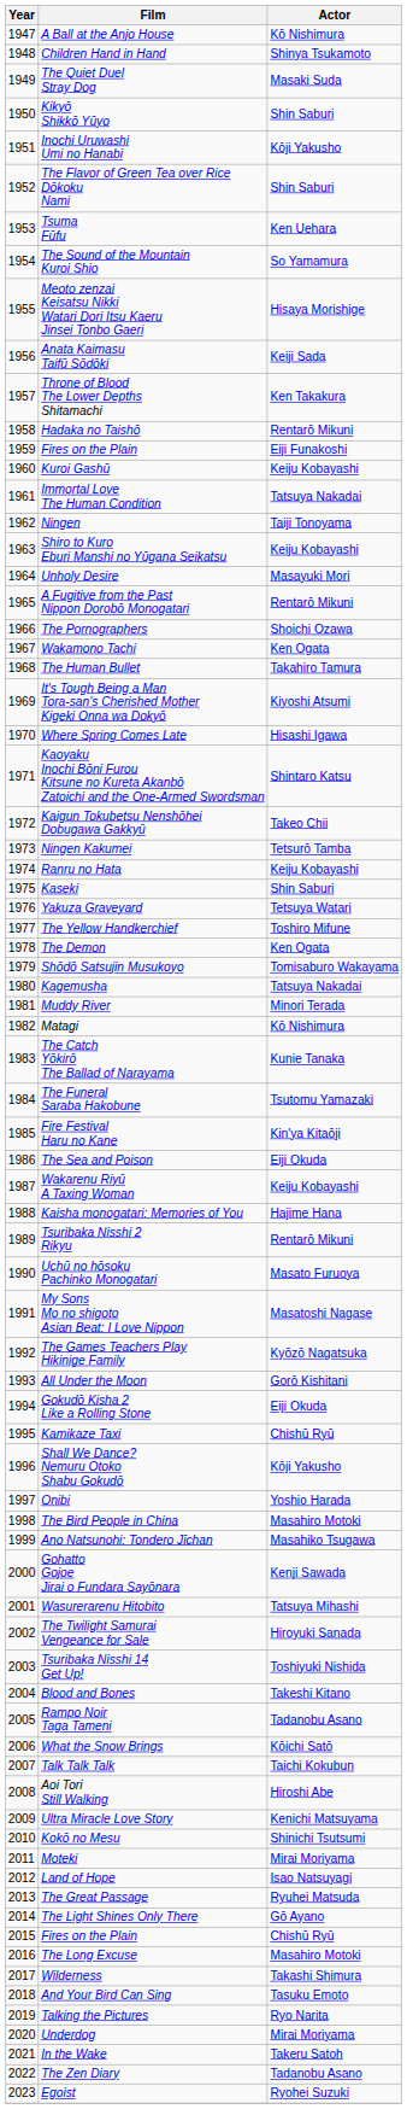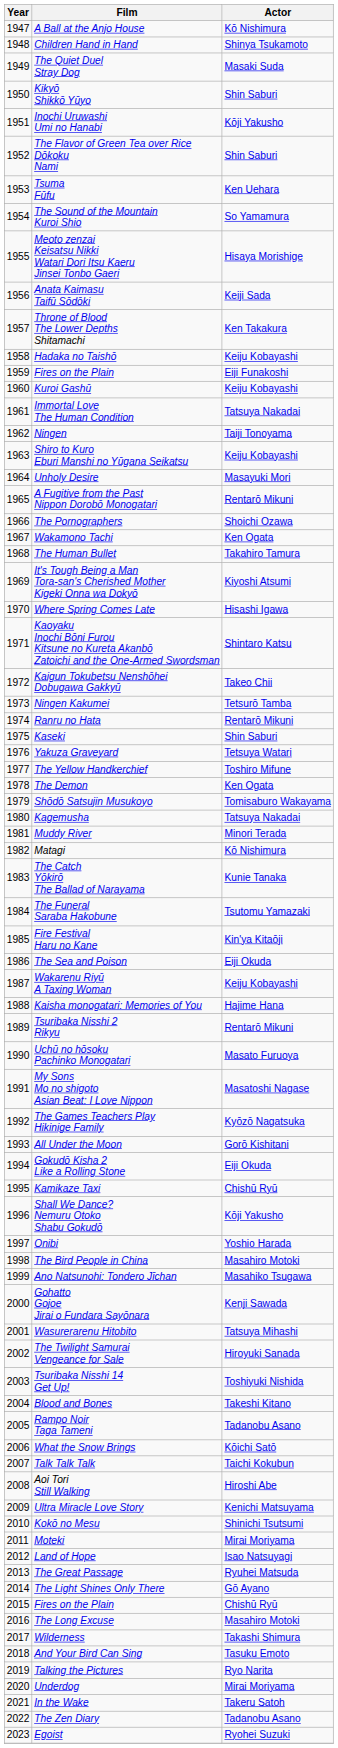 <table class="wikitable sortable">
 <tr>
 <th>Year</th>
 <th>Film</th>
 <th>Actor</th>
 </tr>
 <tr>
 <td>1947</td>
 <td><em><a href='#'>A Ball at the Anjo House</a></em></td>
 <td><a href='#'>Kō Nishimura</a></td>
 </tr>
 <tr>
 <td>1948</td>
 <td><em><a href='#'>Children Hand in Hand</a></em></td>
 <td><a href='#'>Shinya Tsukamoto</a></td>
 </tr>
 <tr>
 <td>1949</td>
 <td><em><a href='#'>The Quiet Duel</a></em><br><em><a href='#'>Stray Dog</a></em></td>
 <td><a href='#'>Masaki Suda</a></td>
 </tr>
 <tr>
 <td>1950</td>
 <td><em><a href='#'>Kikyō</a></em><br><em><a href='#'>Shikkō Yūyo</a></em></td>
 <td><a href='#'>Shin Saburi</a></td>
 </tr>
 <tr>
 <td>1951</td>
 <td><em><a href='#'>Inochi Uruwashi</a></em><br><em><a href='#'>Umi no Hanabi</a></em></td>
 <td><a href='#'>Kōji Yakusho</a></td>
 </tr>
 <tr>
 <td>1952</td>
 <td><em><a href='#'>The Flavor of Green Tea over Rice</a></em><br><em><a href='#'>Dōkoku</a></em><br><em><a href='#'>Nami</a></em></td>
 <td><a href='#'>Shin Saburi</a></td>
 </tr>
 <tr>
 <td>1953</td>
 <td><em><a href='#'>Tsuma</a></em><br><em><a href='#'>Fūfu</a></em></td>
 <td><a href='#'>Ken Uehara</a></td>
 </tr>
 <tr>
 <td>1954</td>
 <td><em><a href='#'>The Sound of the Mountain</a></em><br><em><a href='#'>Kuroi Shio</a></em></td>
 <td><a href='#'>So Yamamura</a></td>
 </tr>
 <tr>
 <td>1955</td>
 <td><em><a href='#'>Meoto zenzai</a></em><br><em><a href='#'>Keisatsu Nikki</a></em><br><em><a href='#'>Watari Dori Itsu Kaeru</a></em><br><em><a href='#'>Jinsei Tonbo Gaeri</a></em></td>
 <td><a href='#'>Hisaya Morishige</a></td>
 </tr>
 <tr>
 <td>1956</td>
 <td><em><a href='#'>Anata Kaimasu</a></em><br><em><a href='#'>Taifū Sōdōki</a></em></td>
 <td><a href='#'>Keiji Sada</a></td>
 </tr>
 <tr>
 <td>1957</td>
 <td><em><a href='#'>Throne of Blood</a></em><br><em><a href='#'>The Lower Depths</a></em><br><em>Shitamachi</em></td>
 <td><a href='#'>Ken Takakura</a></td>
 </tr>
 <tr>
 <td>1958</td>
 <td><em><a href='#'>Hadaka no Taishō</a></em></td>
-<td><a href='#'>Rentarō Mikuni</a></td>
+<td><a href='#'>Keiju Kobayashi</a></td>
 </tr>
 <tr>
 <td>1959</td>
 <td><em><a href='#'>Fires on the Plain</a></em></td>
 <td><a href='#'>Eiji Funakoshi</a></td>
 </tr>
 <tr>
 <td>1960</td>
 <td><em><a href='#'>Kuroi Gashū</a></em></td>
 <td><a href='#'>Keiju Kobayashi</a></td>
 </tr>
 <tr>
 <td>1961</td>
 <td><em><a href='#'>Immortal Love</a></em><br><em><a href='#'>The Human Condition</a></em></td>
 <td><a href='#'>Tatsuya Nakadai</a></td>
 </tr>
 <tr>
 <td>1962</td>
 <td><em><a href='#'>Ningen</a></em></td>
 <td><a href='#'>Taiji Tonoyama</a></td>
 </tr>
 <tr>
 <td>1963</td>
 <td><em><a href='#'>Shiro to Kuro</a></em><br><em><a href='#'>Eburi Manshi no Yūgana Seikatsu</a></em></td>
 <td><a href='#'>Keiju Kobayashi</a></td>
 </tr>
 <tr>
 <td>1964</td>
 <td><em><a href='#'>Unholy Desire</a></em></td>
 <td><a href='#'>Masayuki Mori</a></td>
 </tr>
 <tr>
 <td>1965</td>
 <td><em><a href='#'>A Fugitive from the Past</a></em><br><em><a href='#'>Nippon Dorobō Monogatari</a></em></td>
 <td><a href='#'>Rentarō Mikuni</a></td>
 </tr>
 <tr>
 <td>1966</td>
 <td><em><a href='#'>The Pornographers</a></em></td>
 <td><a href='#'>Shoichi Ozawa</a></td>
 </tr>
 <tr>
 <td>1967</td>
 <td><em><a href='#'>Wakamono Tachi</a></em></td>
 <td><a href='#'>Ken Ogata</a></td>
 </tr>
 <tr>
 <td>1968</td>
 <td><em><a href='#'>The Human Bullet</a></em></td>
 <td><a href='#'>Takahiro Tamura</a></td>
 </tr>
 <tr>
 <td>1969</td>
 <td><em><a href='#'>It's Tough Being a Man</a></em><br><em><a href='#'>Tora-san's Cherished Mother</a></em><br><em><a href='#'>Kigeki Onna wa Dokyō</a></em></td>
 <td><a href='#'>Kiyoshi Atsumi</a></td>
 </tr>
 <tr>
 <td>1970</td>
 <td><em><a href='#'>Where Spring Comes Late</a></em></td>
 <td><a href='#'>Hisashi Igawa</a></td>
 </tr>
 <tr>
 <td>1971</td>
 <td><em><a href='#'>Kaoyaku</a></em><br><em><a href='#'>Inochi Bōni Furou</a></em><br><em><a href='#'>Kitsune no Kureta Akanbō</a></em><br><em><a href='#'>Zatoichi and the One-Armed Swordsman</a></em></td>
 <td><a href='#'>Shintaro Katsu</a></td>
 </tr>
 <tr>
 <td>1972</td>
 <td><em><a href='#'>Kaigun Tokubetsu Nenshōhei</a></em><br><em><a href='#'>Dobugawa Gakkyū</a></em></td>
 <td><a href='#'>Takeo Chii</a></td>
 </tr>
 <tr>
 <td>1973</td>
 <td><em><a href='#'>Ningen Kakumei</a></em></td>
 <td><a href='#'>Tetsurō Tamba</a></td>
 </tr>
 <tr>
 <td>1974</td>
 <td><em><a href='#'>Ranru no Hata</a></em></td>
-<td><a href='#'>Keiju Kobayashi</a></td>
+<td><a href='#'>Rentarō Mikuni</a></td>
 </tr>
 <tr>
 <td>1975</td>
 <td><em><a href='#'>Kaseki</a></em></td>
 <td><a href='#'>Shin Saburi</a></td>
 </tr>
 <tr>
 <td>1976</td>
 <td><em><a href='#'>Yakuza Graveyard</a></em></td>
 <td><a href='#'>Tetsuya Watari</a></td>
 </tr>
 <tr>
 <td>1977</td>
 <td><em><a href='#'>The Yellow Handkerchief</a></em></td>
 <td><a href='#'>Toshiro Mifune</a></td>
 </tr>
 <tr>
 <td>1978</td>
 <td><em><a href='#'>The Demon</a></em></td>
 <td><a href='#'>Ken Ogata</a></td>
 </tr>
 <tr>
 <td>1979</td>
 <td><em><a href='#'>Shōdō Satsujin Musukoyo</a></em></td>
 <td><a href='#'>Tomisaburo Wakayama</a></td>
 </tr>
 <tr>
 <td>1980</td>
 <td><em><a href='#'>Kagemusha</a></em></td>
 <td><a href='#'>Tatsuya Nakadai</a></td>
 </tr>
 <tr>
 <td>1981</td>
 <td><em><a href='#'>Muddy River</a></em></td>
 <td><a href='#'>Minori Terada</a></td>
 </tr>
 <tr>
 <td>1982</td>
 <td><em>Matagi</em></td>
 <td><a href='#'>Kō Nishimura</a></td>
 </tr>
 <tr>
 <td>1983</td>
 <td><em><a href='#'>The Catch</a></em><br><em><a href='#'>Yōkirō</a></em><br><em><a href='#'>The Ballad of Narayama</a></em></td>
 <td><a href='#'>Kunie Tanaka</a></td>
 </tr>
 <tr>
 <td>1984</td>
 <td><em><a href='#'>The Funeral</a></em><br><em><a href='#'>Saraba Hakobune</a></em></td>
 <td><a href='#'>Tsutomu Yamazaki</a></td>
 </tr>
 <tr>
 <td>1985</td>
 <td><em><a href='#'>Fire Festival</a></em><br><em><a href='#'>Haru no Kane</a></em></td>
 <td><a href='#'>Kin'ya Kitaōji</a></td>
 </tr>
 <tr>
 <td>1986</td>
 <td><em><a href='#'>The Sea and Poison</a></em></td>
 <td><a href='#'>Eiji Okuda</a></td>
 </tr>
 <tr>
 <td>1987</td>
 <td><em><a href='#'>Wakarenu Riyū</a></em><br><em><a href='#'>A Taxing Woman</a></em></td>
 <td><a href='#'>Keiju Kobayashi</a></td>
 </tr>
 <tr>
 <td>1988</td>
 <td><em><a href='#'>Kaisha monogatari: Memories of You</a></em></td>
 <td><a href='#'>Hajime Hana</a></td>
 </tr>
 <tr>
 <td>1989</td>
 <td><em><a href='#'>Tsuribaka Nisshi 2</a></em><br><em><a href='#'>Rikyu</a></em></td>
 <td><a href='#'>Rentarō Mikuni</a></td>
 </tr>
 <tr>
 <td>1990</td>
 <td><em><a href='#'>Uchū no hōsoku</a></em><br><em><a href='#'>Pachinko Monogatari</a></em></td>
 <td><a href='#'>Masato Furuoya</a></td>
 </tr>
 <tr>
 <td>1991</td>
 <td><em><a href='#'>My Sons</a></em><br><em><a href='#'>Mo no shigoto</a></em><br><em><a href='#'>Asian Beat: I Love Nippon</a></em></td>
 <td><a href='#'>Masatoshi Nagase</a></td>
 </tr>
 <tr>
 <td>1992</td>
 <td><em><a href='#'>The Games Teachers Play</a></em><br><em><a href='#'>Hikinige Family</a></em></td>
 <td><a href='#'>Kyōzō Nagatsuka</a></td>
 </tr>
 <tr>
 <td>1993</td>
 <td><em><a href='#'>All Under the Moon</a></em></td>
 <td><a href='#'>Gorō Kishitani</a></td>
 </tr>
 <tr>
 <td>1994</td>
 <td><em><a href='#'>Gokudō Kisha 2</a></em><br><em><a href='#'>Like a Rolling Stone</a></em></td>
 <td><a href='#'>Eiji Okuda</a></td>
 </tr>
 <tr>
 <td>1995</td>
 <td><em><a href='#'>Kamikaze Taxi</a></em></td>
 <td><a href='#'>Chishū Ryū</a></td>
 </tr>
 <tr>
 <td>1996</td>
 <td><em><a href='#'>Shall We Dance?</a></em><br><em><a href='#'>Nemuru Otoko</a></em><br><em><a href='#'>Shabu Gokudō</a></em></td>
 <td><a href='#'>Kōji Yakusho</a></td>
 </tr>
 <tr>
 <td>1997</td>
 <td><em><a href='#'>Onibi</a></em></td>
 <td><a href='#'>Yoshio Harada</a></td>
 </tr>
 <tr>
 <td>1998</td>
 <td><em><a href='#'>The Bird People in China</a></em></td>
 <td><a href='#'>Masahiro Motoki</a></td>
 </tr>
 <tr>
 <td>1999</td>
 <td><em><a href='#'>Ano Natsunohi: Tondero Jīchan</a></em></td>
 <td><a href='#'>Masahiko Tsugawa</a></td>
 </tr>
 <tr>
 <td>2000</td>
 <td><em><a href='#'>Gohatto</a></em><br><em><a href='#'>Gojoe</a></em><br><em><a href='#'>Jirai o Fundara Sayōnara</a></em></td>
 <td><a href='#'>Kenji Sawada</a></td>
 </tr>
 <tr>
 <td>2001</td>
 <td><em><a href='#'>Wasurerarenu Hitobito</a></em></td>
 <td><a href='#'>Tatsuya Mihashi</a></td>
 </tr>
 <tr>
 <td>2002</td>
 <td><em><a href='#'>The Twilight Samurai</a></em><br><em><a href='#'>Vengeance for Sale</a></em></td>
 <td><a href='#'>Hiroyuki Sanada</a></td>
 </tr>
 <tr>
 <td>2003</td>
 <td><em><a href='#'>Tsuribaka Nisshi 14</a></em><br><em><a href='#'>Get Up!</a></em></td>
 <td><a href='#'>Toshiyuki Nishida</a></td>
 </tr>
 <tr>
 <td>2004</td>
 <td><em><a href='#'>Blood and Bones</a></em></td>
 <td><a href='#'>Takeshi Kitano</a></td>
 </tr>
 <tr>
 <td>2005</td>
 <td><em><a href='#'>Rampo Noir</a></em><br><em><a href='#'>Taga Tameni</a></em></td>
 <td><a href='#'>Tadanobu Asano</a></td>
 </tr>
 <tr>
 <td>2006</td>
 <td><em><a href='#'>What the Snow Brings</a></em></td>
 <td><a href='#'>Kōichi Satō</a></td>
 </tr>
 <tr>
 <td>2007</td>
 <td><em><a href='#'>Talk Talk Talk</a></em></td>
 <td><a href='#'>Taichi Kokubun</a></td>
 </tr>
 <tr>
 <td>2008</td>
 <td><em>Aoi Tori</em><br><em><a href='#'>Still Walking</a></em></td>
 <td><a href='#'>Hiroshi Abe</a></td>
 </tr>
 <tr>
 <td>2009</td>
 <td><em><a href='#'>Ultra Miracle Love Story</a></em></td>
 <td><a href='#'>Kenichi Matsuyama</a></td>
 </tr>
 <tr>
 <td>2010</td>
 <td><em><a href='#'>Kokō no Mesu</a></em></td>
 <td><a href='#'>Shinichi Tsutsumi</a></td>
 </tr>
 <tr>
 <td>2011</td>
 <td><em><a href='#'>Moteki</a></em></td>
 <td><a href='#'>Mirai Moriyama</a></td>
 </tr>
 <tr>
 <td>2012</td>
 <td><em><a href='#'>Land of Hope</a></em></td>
 <td><a href='#'>Isao Natsuyagi</a></td>
 </tr>
 <tr>
 <td>2013</td>
 <td><em><a href='#'>The Great Passage</a></em></td>
 <td><a href='#'>Ryuhei Matsuda</a></td>
 </tr>
 <tr>
 <td>2014</td>
 <td><em><a href='#'>The Light Shines Only There</a></em></td>
 <td><a href='#'>Gō Ayano</a></td>
 </tr>
 <tr>
 <td>2015</td>
 <td><em><a href='#'>Fires on the Plain</a></em></td>
 <td><a href='#'>Chishū Ryū</a></td>
 </tr>
 <tr>
 <td>2016</td>
 <td><em><a href='#'>The Long Excuse</a></em></td>
 <td><a href='#'>Masahiro Motoki</a></td>
 </tr>
 <tr>
 <td>2017</td>
 <td><em><a href='#'>Wilderness</a></em></td>
 <td><a href='#'>Takashi Shimura</a></td>
 </tr>
 <tr>
 <td>2018</td>
 <td><em><a href='#'>And Your Bird Can Sing</a></em></td>
 <td><a href='#'>Tasuku Emoto</a></td>
 </tr>
 <tr>
 <td>2019</td>
 <td><em><a href='#'>Talking the Pictures</a></em></td>
 <td><a href='#'>Ryo Narita</a></td>
 </tr>
 <tr>
 <td>2020</td>
 <td><em><a href='#'>Underdog</a></em></td>
 <td><a href='#'>Mirai Moriyama</a></td>
 </tr>
 <tr>
 <td>2021</td>
 <td><em><a href='#'>In the Wake</a></em></td>
 <td><a href='#'>Takeru Satoh</a></td>
 </tr>
 <tr>
 <td>2022</td>
 <td><em><a href='#'>The Zen Diary</a></em></td>
 <td><a href='#'>Tadanobu Asano</a></td>
 </tr>
 <tr>
 <td>2023</td>
 <td><em><a href='#'>Egoist</a></em></td>
 <td><a href='#'>Ryohei Suzuki</a></td>
 </tr>
 <tr>
 </tr>
 </table>
